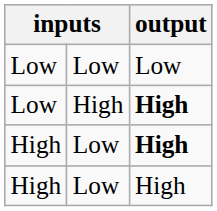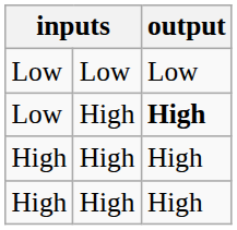 <table class="wikitable">
 <tr>
 <th colspan="2">inputs</th>
 <th>output</th>
 </tr>
 <tr>
 <td>Low</td>
 <td>Low</td>
 <td>Low</td>
 </tr>
 <tr>
 <td>Low</td>
 <td>High</td>
 <td><strong>High</strong></td>
 </tr>
 <tr>
 <td>High</td>
-<td>Low</td>
-<td><strong>High</strong></td>
+<td>High</td>
+<td>High</td>
 </tr>
 <tr>
 <td>High</td>
-<td>Low</td>
+<td>High</td>
 <td>High</td>
 </tr>
 </table>
